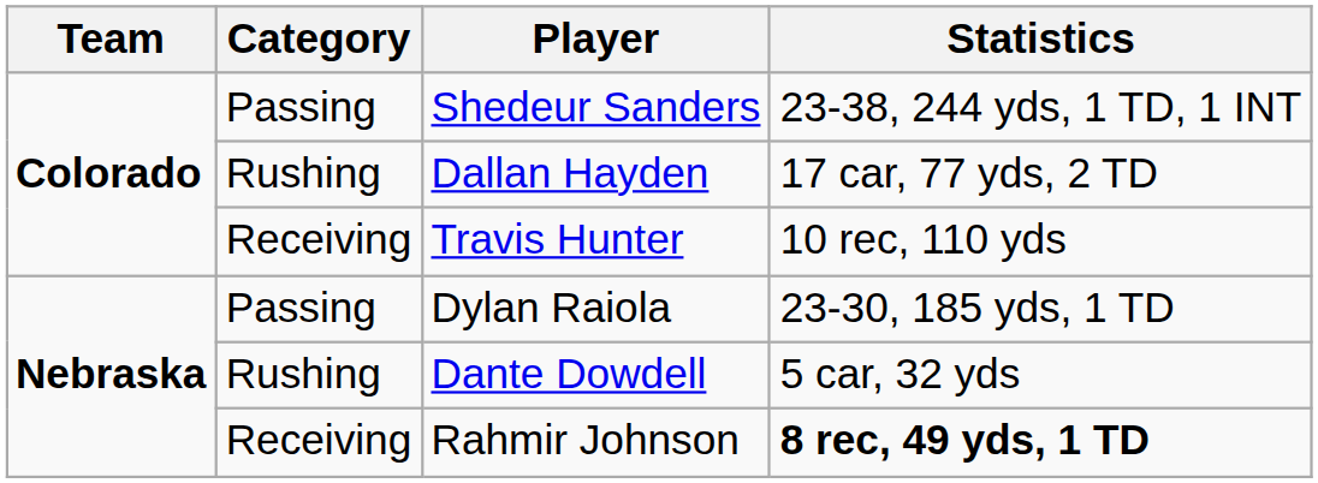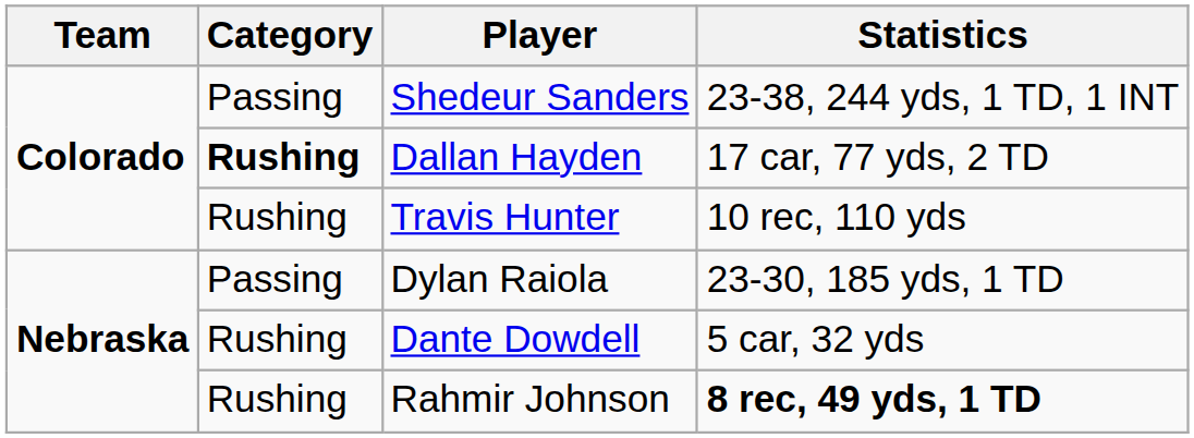 <table class="wikitable" style="float: right;">
 <tr>
 <th>Team</th>
 <th>Category</th>
 <th>Player</th>
 <th>Statistics</th>
 </tr>
 <tr>
 <td rowspan=3><strong>Colorado</strong></td>
 <td>Passing</td>
 <td><a href='#'>Shedeur Sanders</a></td>
 <td>23-38, 244 yds, 1 TD, 1 INT</td>
 </tr>
 <tr>
-<td>Rushing</td>
+<td><strong>Rushing</strong></td>
 <td><a href='#'>Dallan Hayden</a></td>
 <td>17 car, 77 yds, 2 TD</td>
 </tr>
 <tr>
-<td>Receiving</td>
+<td>Rushing</td>
 <td><a href='#'>Travis Hunter</a></td>
 <td>10 rec, 110 yds</td>
 </tr>
 <tr>
 <td rowspan=3><strong>Nebraska</strong></td>
 <td>Passing</td>
 <td>Dylan Raiola</td>
 <td>23-30, 185 yds, 1 TD</td>
 </tr>
 <tr>
 <td>Rushing</td>
 <td><a href='#'>Dante Dowdell</a></td>
 <td>5 car, 32 yds</td>
 </tr>
 <tr>
-<td>Receiving</td>
+<td>Rushing</td>
 <td>Rahmir Johnson</td>
 <td><strong>8 rec, 49 yds, 1 TD</strong></td>
 </tr>
 </table>
